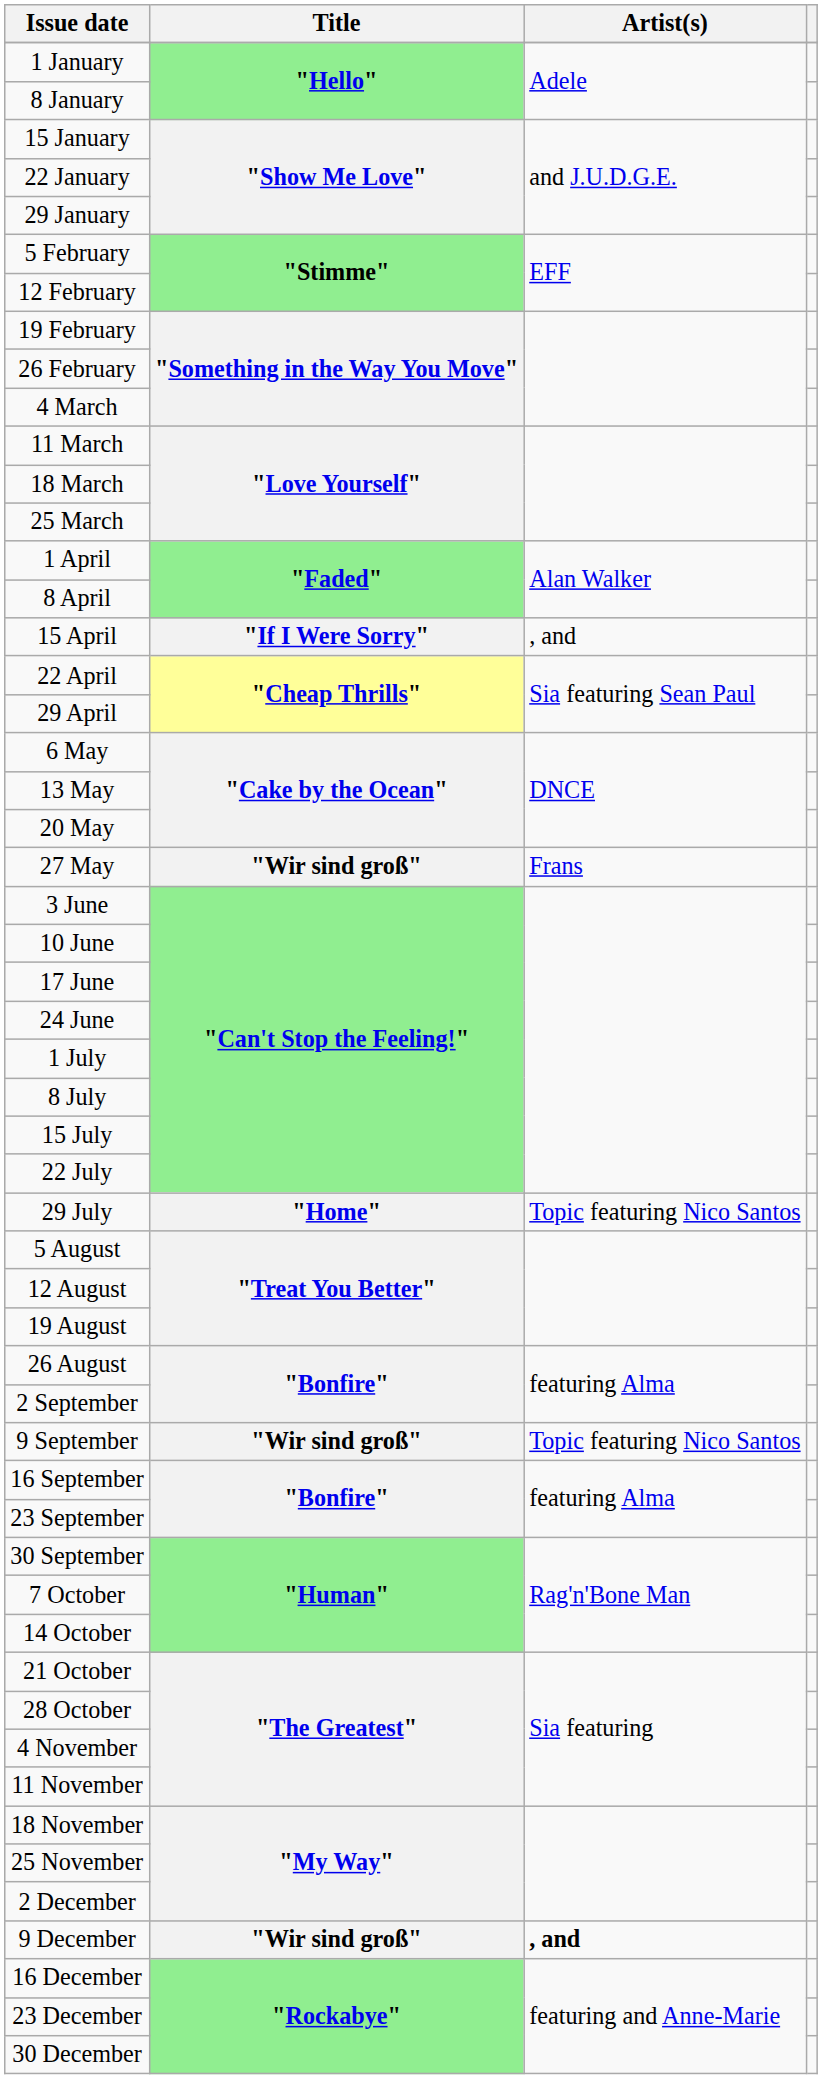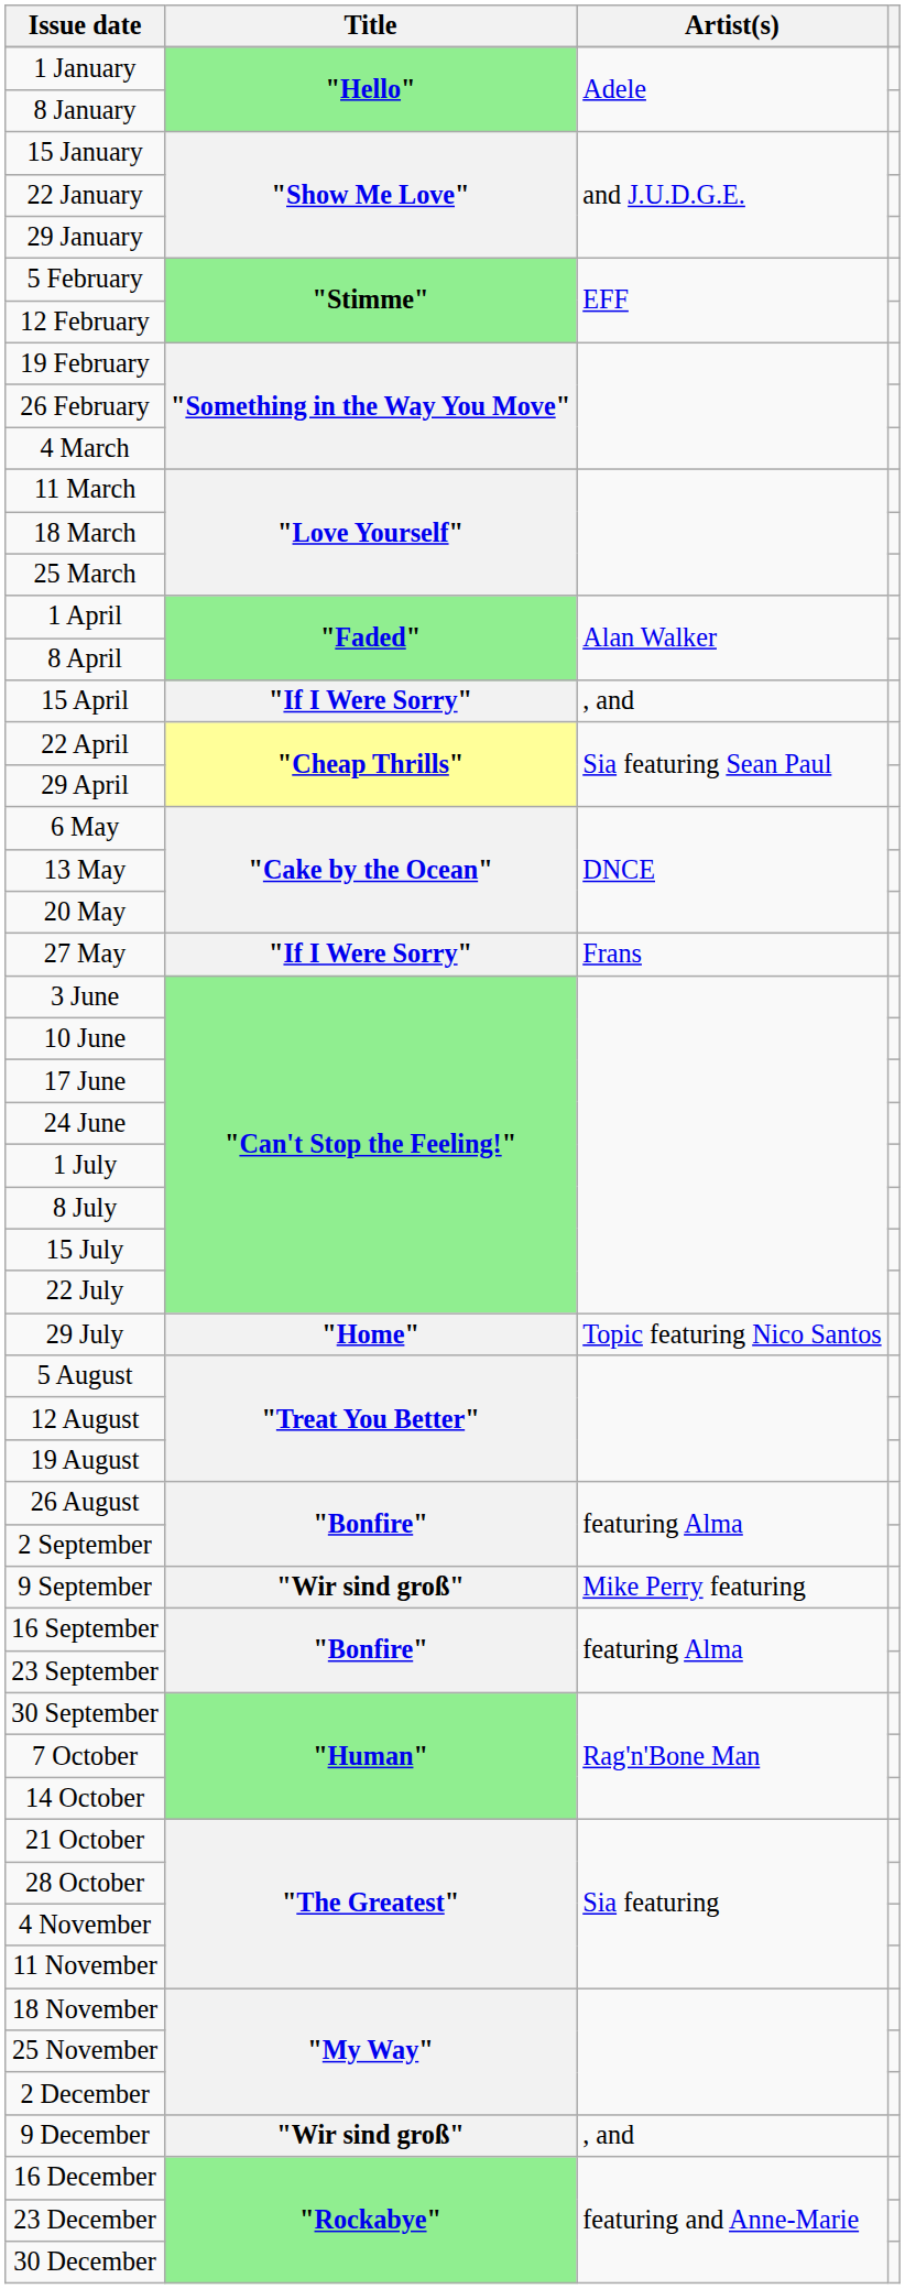 <table class="sortable wikitable sortable plainrowheaders">
 <tr>
 <th scope=col class="sortable">Issue date</th>
 <th scope=col class="sortable">Title</th>
 <th scope=col class="sortable">Artist(s)</th>
 <th scope=col class="unsortable"></th>
 </tr>
 <tr class=unsortable>
 </tr>
 <tr>
 <td scope="row" style="text-align:center;">1 January</td>
 <th scope="row" rowspan="2" style="background-color:lightgreen">"<a href='#'>Hello</a>" </th>
 <td rowspan="2"><a href='#'>Adele</a></td>
 <td style="text-align:center;"></td>
 </tr>
 <tr>
 <td scope="row" style="text-align:center;">8 January</td>
 <td style="text-align:center;"></td>
 </tr>
 <tr>
 <td scope="row" style="text-align:center;">15 January</td>
 <th scope="row" rowspan="3">"<a href='#'>Show Me Love</a>"</th>
 <td rowspan="3"> and <a href='#'>J.U.D.G.E.</a></td>
 <td style="text-align:center;"></td>
 </tr>
 <tr>
 <td scope="row" style="text-align:center;">22 January</td>
 <td style="text-align:center;"></td>
 </tr>
 <tr>
 <td scope="row" style="text-align:center;">29 January</td>
 <td style="text-align:center;"></td>
 </tr>
 <tr>
 <td scope="row" style="text-align:center;">5 February</td>
 <th scope="row" rowspan="2" style="background-color:lightgreen">"Stimme" </th>
 <td rowspan="2"><a href='#'>EFF</a></td>
 <td style="text-align:center;"></td>
 </tr>
 <tr>
 <td scope="row" style="text-align:center;">12 February</td>
 <td style="text-align:center;"></td>
 </tr>
 <tr>
 <td scope="row" style="text-align:center;">19 February</td>
 <th scope="row" rowspan="3">"<a href='#'>Something in the Way You Move</a>"</th>
 <td rowspan="3"></td>
 <td style="text-align:center;"></td>
 </tr>
 <tr>
 <td scope="row" style="text-align:center;">26 February</td>
 <td style="text-align:center;"></td>
 </tr>
 <tr>
 <td scope="row" style="text-align:center;">4 March</td>
 <td style="text-align:center;"></td>
 </tr>
 <tr>
 <td scope="row" style="text-align:center;">11 March</td>
 <th scope="row" rowspan="3">"<a href='#'>Love Yourself</a>"</th>
 <td rowspan="3"></td>
 <td style="text-align:center;"></td>
 </tr>
 <tr>
 <td scope="row" style="text-align:center;">18 March</td>
 <td style="text-align:center;"></td>
 </tr>
 <tr>
 <td scope="row" style="text-align:center;">25 March</td>
 <td style="text-align:center;"></td>
 </tr>
 <tr>
 <td scope="row" style="text-align:center;">1 April</td>
 <th scope="row" rowspan="2" style="background-color:lightgreen">"<a href='#'>Faded</a>" </th>
 <td rowspan="2"><a href='#'>Alan Walker</a></td>
 <td style="text-align:center;"></td>
 </tr>
 <tr>
 <td scope="row" style="text-align:center;">8 April</td>
 <td style="text-align:center;"></td>
 </tr>
 <tr>
 <td scope="row" style="text-align:center;">15 April</td>
 <th scope="row">"<a href='#'>If I Were Sorry</a>"</th>
 <td>,  and </td>
 <td style="text-align:center;"></td>
 </tr>
 <tr>
 <td scope="row" style="text-align:center;">22 April</td>
 <th scope="row" rowspan="2" style="background-color:#FFFF99">"<a href='#'>Cheap Thrills</a>"  </th>
 <td rowspan="2"><a href='#'>Sia</a> featuring <a href='#'>Sean Paul</a></td>
 <td style="text-align:center;"></td>
 </tr>
 <tr>
 <td scope="row" style="text-align:center;">29 April</td>
 <td style="text-align:center;"></td>
 </tr>
 <tr>
 <td scope="row" style="text-align:center;">6 May</td>
 <th scope="row" rowspan="3">"<a href='#'>Cake by the Ocean</a>"</th>
 <td rowspan="3"><a href='#'>DNCE</a></td>
 <td style="text-align:center;"></td>
 </tr>
 <tr>
 <td scope="row" style="text-align:center;">13 May</td>
 <td style="text-align:center;"></td>
 </tr>
 <tr>
 <td scope="row" style="text-align:center;">20 May</td>
 <td style="text-align:center;"></td>
 </tr>
 <tr>
 <td scope="row" style="text-align:center;">27 May</td>
-<th scope="row">"Wir sind groß"</th>
+<th scope="row">"<a href='#'>If I Were Sorry</a>"</th>
 <td><a href='#'>Frans</a></td>
 <td style="text-align:center;"></td>
 </tr>
 <tr>
 <td scope="row" style="text-align:center;">3 June</td>
 <th scope="row" rowspan="8" style="background-color:lightgreen">"<a href='#'>Can't Stop the Feeling!</a>" </th>
 <td rowspan="8"></td>
 <td style="text-align:center;"></td>
 </tr>
 <tr>
 <td scope="row" style="text-align:center;">10 June</td>
 <td style="text-align:center;"></td>
 </tr>
 <tr>
 <td scope="row" style="text-align:center;">17 June</td>
 <td style="text-align:center;"></td>
 </tr>
 <tr>
 <td scope="row" style="text-align:center;">24 June</td>
 <td style="text-align:center;"></td>
 </tr>
 <tr>
 <td scope="row" style="text-align:center;">1 July</td>
 <td style="text-align:center;"></td>
 </tr>
 <tr>
 <td scope="row" style="text-align:center;">8 July</td>
 <td style="text-align:center;"></td>
 </tr>
 <tr>
 <td scope="row" style="text-align:center;">15 July</td>
 <td style="text-align:center;"></td>
 </tr>
 <tr>
 <td scope="row" style="text-align:center;">22 July</td>
 <td style="text-align:center;"></td>
 </tr>
 <tr>
 <td scope="row" style="text-align:center;">29 July</td>
 <th scope="row">"<a href='#'>Home</a>"</th>
 <td><a href='#'>Topic</a> featuring <a href='#'>Nico Santos</a></td>
 <td style="text-align:center;"></td>
 </tr>
 <tr>
 <td scope="row" style="text-align:center;">5 August</td>
 <th scope="row" rowspan="3">"<a href='#'>Treat You Better</a>"</th>
 <td rowspan="3"></td>
 <td style="text-align:center;"></td>
 </tr>
 <tr>
 <td scope="row" style="text-align:center;">12 August</td>
 <td style="text-align:center;"></td>
 </tr>
 <tr>
 <td scope="row" style="text-align:center;">19 August</td>
 <td style="text-align:center;"></td>
 </tr>
 <tr>
 <td scope="row" style="text-align:center;">26 August</td>
 <th scope="row" rowspan="2">"<a href='#'>Bonfire</a>"</th>
 <td rowspan="2"> featuring <a href='#'>Alma</a></td>
 <td style="text-align:center;"></td>
 </tr>
 <tr>
 <td scope="row" style="text-align:center;">2 September</td>
 <td style="text-align:center;"></td>
 </tr>
 <tr>
 <td scope="row" style="text-align:center;">9 September</td>
 <th scope="row">"Wir sind groß"</th>
-<td><a href='#'>Topic</a> featuring <a href='#'>Nico Santos</a></td>
+<td><a href='#'>Mike Perry</a> featuring </td>
 <td style="text-align:center;"></td>
 </tr>
 <tr>
 <td scope="row" style="text-align:center;">16 September</td>
 <th scope="row" rowspan="2">"<a href='#'>Bonfire</a>"</th>
 <td rowspan="2"> featuring <a href='#'>Alma</a></td>
 <td style="text-align:center;"></td>
 </tr>
 <tr>
 <td scope="row" style="text-align:center;">23 September</td>
 <td style="text-align:center;"></td>
 </tr>
 <tr>
 <td scope="row" style="text-align:center;">30 September</td>
 <th scope="row" rowspan="3" style="background-color:lightgreen">"<a href='#'>Human</a>" </th>
 <td rowspan="3"><a href='#'>Rag'n'Bone Man</a></td>
 <td style="text-align:center;"></td>
 </tr>
 <tr>
 <td scope="row" style="text-align:center;">7 October</td>
 <td style="text-align:center;"></td>
 </tr>
 <tr>
 <td scope="row" style="text-align:center;">14 October</td>
 <td style="text-align:center;"></td>
 </tr>
 <tr>
 <td scope="row" style="text-align:center;">21 October</td>
 <th scope="row" rowspan="4">"<a href='#'>The Greatest</a>"</th>
 <td rowspan="4"><a href='#'>Sia</a> featuring </td>
 <td style="text-align:center;"></td>
 </tr>
 <tr>
 <td scope="row" style="text-align:center;">28 October</td>
 <td style="text-align:center;"></td>
 </tr>
 <tr>
 <td scope="row" style="text-align:center;">4 November</td>
 <td style="text-align:center;"></td>
 </tr>
 <tr>
 <td scope="row" style="text-align:center;">11 November</td>
 <td style="text-align:center;"></td>
 </tr>
 <tr>
 <td scope="row" style="text-align:center;">18 November</td>
 <th scope="row" rowspan="3">"<a href='#'>My Way</a>"</th>
 <td rowspan="3"></td>
 <td style="text-align:center;"></td>
 </tr>
 <tr>
 <td scope="row" style="text-align:center;">25 November</td>
 <td style="text-align:center;"></td>
 </tr>
 <tr>
 <td scope="row" style="text-align:center;">2 December</td>
 <td style="text-align:center;"></td>
 </tr>
 <tr>
 <td scope="row" style="text-align:center;">9 December</td>
 <th scope="row">"Wir sind groß"</th>
-<td><strong>,  and </strong></td>
+<td>,  and </td>
 <td style="text-align:center;"></td>
 </tr>
 <tr>
 <td scope="row" style="text-align:center;">16 December</td>
 <th scope="row" rowspan="3" style="background-color:lightgreen">"<a href='#'>Rockabye</a>" </th>
 <td rowspan="3"> featuring  and <a href='#'>Anne-Marie</a></td>
 <td style="text-align:center;"></td>
 </tr>
 <tr>
 <td scope="row" style="text-align:center;">23 December</td>
 <td style="text-align:center;"></td>
 </tr>
 <tr>
 <td scope="row" style="text-align:center;">30 December</td>
 <td style="text-align:center;"></td>
 </tr>
 </table>
